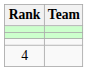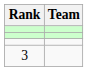 <table class="wikitable" style="text-align:center">
 <tr>
 <th width=40>Rank</th>
 <th>Team</th>
 </tr>
 <tr bgcolor=#ccffcc>
 <td></td>
 <td style="text-align:left"></td>
 </tr>
 <tr bgcolor=#ccffcc>
 <td></td>
 <td style="text-align:left"></td>
 </tr>
 <tr>
 <td></td>
 <td style="text-align:left"></td>
 </tr>
 <tr>
-<td>4</td>
+<td>3</td>
 <td style="text-align:left"></td>
 </tr>
 </table>
